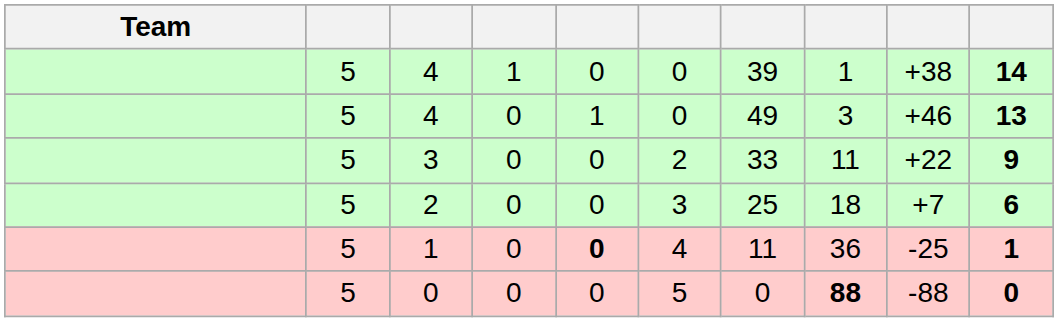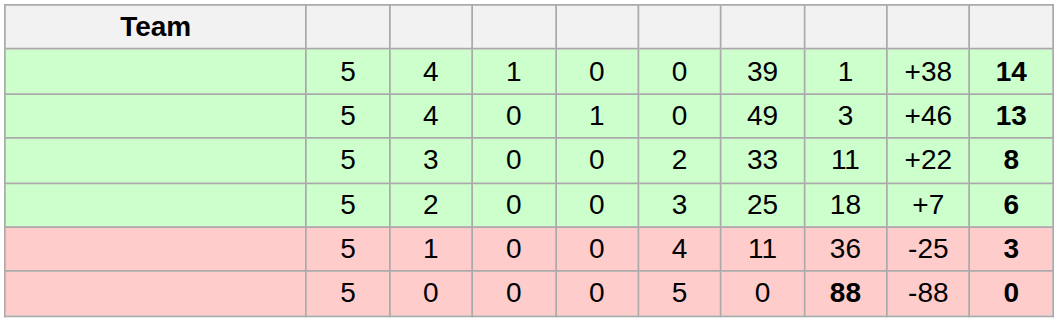 <table class="wikitable" style="text-align:center;">
 <tr>
 <th width=165>Team</th>
 <th width=40></th>
 <th width=40></th>
 <th width=40></th>
 <th width=40></th>
 <th width=40></th>
 <th width=40></th>
 <th width=40></th>
 <th width=40></th>
 <th width=40></th>
 </tr>
 <tr bgcolor=ccffcc style="background:">
 <td style="text-align:left;"></td>
 <td>5</td>
 <td>4</td>
 <td>1</td>
 <td>0</td>
 <td>0</td>
 <td>39</td>
 <td>1</td>
 <td>+38</td>
 <td><strong>14</strong></td>
 </tr>
 <tr bgcolor=ccffcc style="background:">
 <td style="text-align:left;"></td>
 <td>5</td>
 <td>4</td>
 <td>0</td>
 <td>1</td>
 <td>0</td>
 <td>49</td>
 <td>3</td>
 <td>+46</td>
 <td><strong>13</strong></td>
 </tr>
 <tr bgcolor=ccffcc style="background:">
 <td style="text-align:left;"></td>
 <td>5</td>
 <td>3</td>
 <td>0</td>
 <td>0</td>
 <td>2</td>
 <td>33</td>
 <td>11</td>
 <td>+22</td>
-<td><strong>9</strong></td>
+<td><strong>8</strong></td>
 </tr>
 <tr bgcolor=ccffcc style="background:">
 <td style="text-align:left;"></td>
 <td>5</td>
 <td>2</td>
 <td>0</td>
 <td>0</td>
 <td>3</td>
 <td>25</td>
 <td>18</td>
 <td>+7</td>
 <td><strong>6</strong></td>
 </tr>
 <tr bgcolor=ffcccc style="background:">
 <td style="text-align:left;"></td>
 <td>5</td>
 <td>1</td>
 <td>0</td>
-<td><strong>0</strong></td>
+<td>0</td>
 <td>4</td>
 <td>11</td>
 <td>36</td>
 <td>-25</td>
-<td><strong>1</strong></td>
+<td><strong>3</strong></td>
 </tr>
 <tr bgcolor=ffcccc style="background:">
 <td style="text-align:left;"></td>
 <td>5</td>
 <td>0</td>
 <td>0</td>
 <td>0</td>
 <td>5</td>
 <td>0</td>
 <td><strong>88</strong></td>
 <td>-88</td>
 <td><strong>0</strong></td>
 </tr>
 </table>
